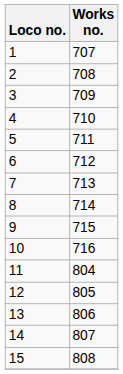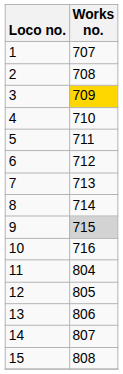 <table class="wikitable collapsible sortable collapsed" style="margin:0.5em auto; font-size:100%;">
 <tr>
 <th><br>Loco no.</th>
 <th>Works<br>no.</th>
 </tr>
 <tr>
 <td>1</td>
 <td>707</td>
 </tr>
 <tr>
 <td>2</td>
 <td>708</td>
 </tr>
 <tr>
 <td>3</td>
-<td>709</td>
+<td style="background: gold;">709</td>
 </tr>
 <tr>
 <td>4</td>
 <td>710</td>
 </tr>
 <tr>
 <td>5</td>
 <td>711</td>
 </tr>
 <tr>
 <td>6</td>
 <td>712</td>
 </tr>
 <tr>
 <td>7</td>
 <td>713</td>
 </tr>
 <tr>
 <td>8</td>
 <td>714</td>
 </tr>
 <tr>
 <td>9</td>
-<td>715</td>
+<td style="background: lightgrey;">715</td>
 </tr>
 <tr>
 <td>10</td>
 <td>716</td>
 </tr>
 <tr>
 <td>11</td>
 <td>804</td>
 </tr>
 <tr>
 <td>12</td>
 <td>805</td>
 </tr>
 <tr>
 <td>13</td>
 <td>806</td>
 </tr>
 <tr>
 <td>14</td>
 <td>807</td>
 </tr>
 <tr>
 <td>15</td>
 <td>808</td>
 </tr>
 <tr>
 </tr>
 </table>
